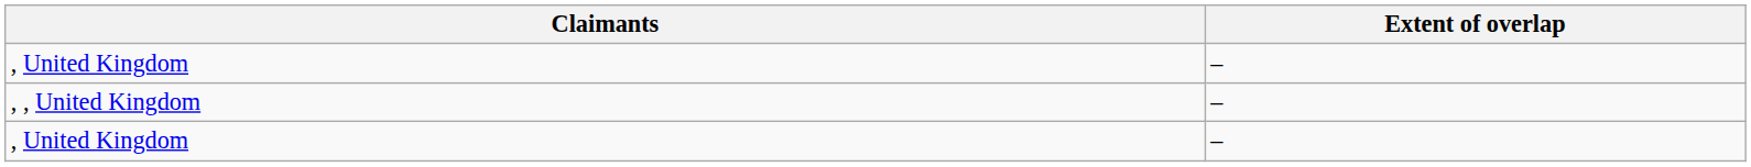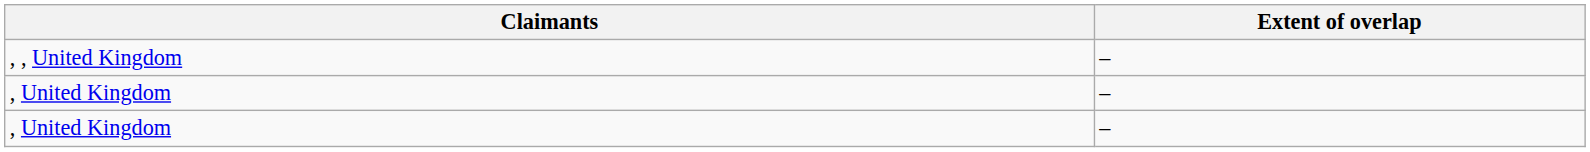 <table class="wikitable plainlinks" style="width: 90%;">
 <tr>
 <th style="width: 45em;">Claimants</th>
 <th style="width: 20em;">Extent of overlap</th>
-</tr>
-<tr>
-<td>,  <a href='#'>United Kingdom</a></td>
-<td>–</td>
 </tr>
 <tr>
 <td>, ,  <a href='#'>United Kingdom</a></td>
 <td>–</td>
 </tr>
 <tr>
 <td>,  <a href='#'>United Kingdom</a></td>
 <td>–</td>
 </tr>
+<tr>
+<td>,  <a href='#'>United Kingdom</a></td>
+<td>–</td>
+</tr>
 </table>
